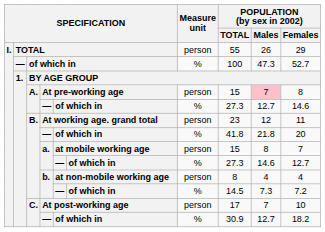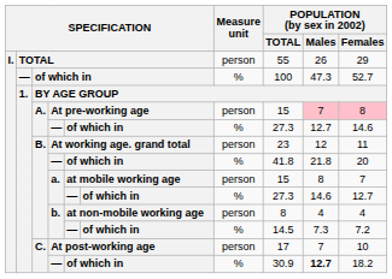 <table class="wikitable" style="font-size:85%; text-align:center">
 <tr>
 <th rowspan="2" colspan="6">SPECIFICATION</th>
 <th rowspan="2">Measure<br> unit</th>
 <th colspan="3" rowspan="1">POPULATION<br> (by sex in 2002)</th>
 </tr>
 <tr>
 <th>TOTAL</th>
 <th>Males</th>
 <th>Females</th>
 </tr>
 <tr>
 <th style="text-align:left" valign="top" rowspan="13">I.</th>
 <th style="text-align:left" colspan="5">TOTAL</th>
 <td>person</td>
 <td>55</td>
 <td>26</td>
 <td>29</td>
 </tr>
 <tr>
 <th style="text-align:left" valign="top">—</th>
 <th style="text-align:left" colspan="4">of which in</th>
 <td>%</td>
 <td>100</td>
 <td>47.3</td>
 <td>52.7</td>
 </tr>
 <tr>
 <th style="text-align:left" valign="top" rowspan="11">1.</th>
 <th style="text-align:left" colspan="19">BY AGE GROUP</th>
 </tr>
 <tr>
 <th style="text-align:left" valign="top" rowspan="2">A.</th>
 <th style="text-align:left" colspan="3">At pre-working age</th>
 <td>person</td>
 <td>15</td>
 <td style="background: pink;">7</td>
-<td>8</td>
+<td style="background: pink;">8</td>
 </tr>
 <tr>
 <th style="text-align:left" valign="top">—</th>
 <th style="text-align:left" valign="top" colspan="2">of which in</th>
 <td>%</td>
 <td>27.3</td>
 <td>12.7</td>
 <td>14.6</td>
 </tr>
 <tr>
 <th style="text-align:left" valign="top" rowspan="6">B.</th>
 <th style="text-align:left" colspan="3">At working age. grand total</th>
 <td>person</td>
 <td>23</td>
 <td>12</td>
 <td>11</td>
 </tr>
 <tr>
 <th style="text-align:left" valign="top">—</th>
 <th style="text-align:left" valign="top" colspan="2">of which in</th>
 <td>%</td>
 <td>41.8</td>
 <td>21.8</td>
 <td>20</td>
 </tr>
 <tr>
 <th style="text-align:left" valign="top" rowspan="2">a.</th>
 <th style="text-align:left" colspan="2">at mobile working age</th>
 <td>person</td>
 <td>15</td>
 <td>8</td>
 <td>7</td>
 </tr>
 <tr>
 <th style="text-align:left" valign="top">—</th>
 <th style="text-align:left" valign="top" colspan="1">of which in                        </th>
 <td>%</td>
 <td>27.3</td>
 <td>14.6</td>
 <td>12.7</td>
 </tr>
 <tr>
 <th style="text-align:left" valign="top" rowspan="2">b.</th>
 <th style="text-align:left" colspan="2">at non-mobile working age</th>
 <td>person</td>
 <td>8</td>
 <td>4</td>
 <td>4</td>
 </tr>
 <tr>
 <th style="text-align:left" valign="top">—</th>
 <th style="text-align:left" valign="top" colspan="1">of which in                        </th>
 <td>%</td>
 <td>14.5</td>
 <td>7.3</td>
 <td>7.2</td>
 </tr>
 <tr>
 <th style="text-align:left" valign="top" rowspan="2">C.</th>
 <th style="text-align:left" colspan="3">At post-working age</th>
 <td>person</td>
 <td>17</td>
 <td>7</td>
 <td>10</td>
 </tr>
 <tr>
 <th style="text-align:left" valign="top">—</th>
 <th style="text-align:left" valign="top" colspan="2">of which in</th>
 <td>%</td>
 <td>30.9</td>
-<td>12.7</td>
+<td><strong>12.7</strong></td>
 <td>18.2</td>
 </tr>
 </table>
